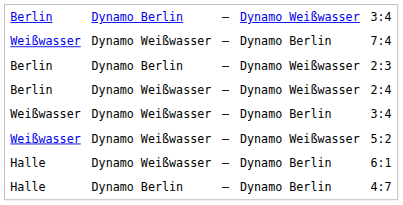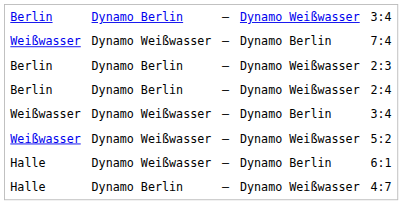 <table cellspacing="0" border="0" cellpadding="6" style="border:1px solid #bbb; background-color:#FFFFFF;">
 <tr>
 <td><a href='#'>Berlin</a></td>
 <td><a href='#'>Dynamo Berlin</a></td>
 <td>–</td>
 <td><a href='#'>Dynamo Weißwasser</a></td>
 <td>3:4</td>
 </tr>
 <tr>
 <td><a href='#'>Weißwasser</a></td>
 <td>Dynamo Weißwasser</td>
 <td>–</td>
 <td>Dynamo Berlin</td>
 <td>7:4</td>
 </tr>
 <tr>
 <td>Berlin</td>
 <td>Dynamo Berlin</td>
 <td>–</td>
 <td>Dynamo Weißwasser</td>
 <td>2:3</td>
 </tr>
 <tr>
 <td>Berlin</td>
-<td>Dynamo Weißwasser</td>
+<td>Dynamo Berlin</td>
 <td>–</td>
 <td>Dynamo Weißwasser</td>
 <td>2:4</td>
 </tr>
 <tr>
 <td>Weißwasser</td>
 <td>Dynamo Weißwasser</td>
 <td>–</td>
 <td>Dynamo Berlin</td>
 <td>3:4</td>
 </tr>
 <tr>
 <td><a href='#'>Weißwasser</a></td>
 <td>Dynamo Weißwasser</td>
 <td>–</td>
 <td>Dynamo Weißwasser</td>
 <td>5:2</td>
 </tr>
 <tr>
 <td>Halle</td>
 <td>Dynamo Weißwasser</td>
 <td>–</td>
 <td>Dynamo Berlin</td>
 <td>6:1</td>
 </tr>
 <tr>
 <td>Halle</td>
 <td>Dynamo Berlin</td>
 <td>–</td>
-<td>Dynamo Berlin</td>
+<td>Dynamo Weißwasser</td>
 <td>4:7</td>
 </tr>
 </table>
